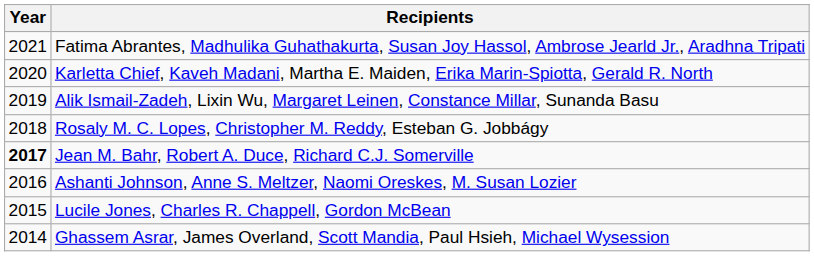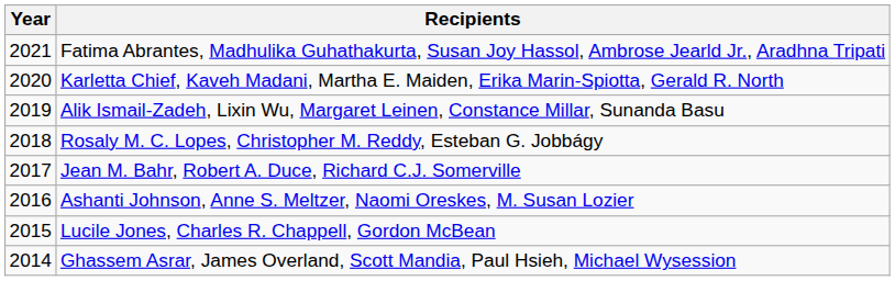 <table class="wikitable">
 <tr>
 <th>Year</th>
 <th>Recipients</th>
 </tr>
 <tr>
 <td>2021</td>
 <td>Fatima Abrantes, <a href='#'>Madhulika Guhathakurta</a>, <a href='#'>Susan Joy Hassol</a>, <a href='#'>Ambrose Jearld Jr.</a>, <a href='#'>Aradhna Tripati</a></td>
 </tr>
 <tr>
 <td>2020</td>
 <td><a href='#'>Karletta Chief</a>, <a href='#'>Kaveh Madani</a>, Martha E. Maiden, <a href='#'>Erika Marin-Spiotta</a>, <a href='#'>Gerald R. North</a></td>
 </tr>
 <tr>
 <td>2019</td>
 <td><a href='#'>Alik Ismail-Zadeh</a>, Lixin Wu, <a href='#'>Margaret Leinen</a>, <a href='#'>Constance Millar</a>, Sunanda Basu</td>
 </tr>
 <tr>
 <td>2018</td>
 <td><a href='#'>Rosaly M. C. Lopes</a>, <a href='#'>Christopher M. Reddy</a>, Esteban G. Jobbágy</td>
 </tr>
 <tr>
-<td><strong>2017</strong></td>
+<td>2017</td>
 <td><a href='#'>Jean M. Bahr</a>, <a href='#'>Robert A. Duce</a>, <a href='#'>Richard C.J. Somerville</a></td>
 </tr>
 <tr>
 <td>2016</td>
 <td><a href='#'>Ashanti Johnson</a>, <a href='#'>Anne S. Meltzer</a>, <a href='#'>Naomi Oreskes</a>, <a href='#'>M. Susan Lozier</a></td>
 </tr>
 <tr>
 <td>2015</td>
 <td><a href='#'>Lucile Jones</a>, <a href='#'>Charles R. Chappell</a>, <a href='#'>Gordon McBean</a></td>
 </tr>
 <tr>
 <td>2014</td>
 <td><a href='#'>Ghassem Asrar</a>, James Overland, <a href='#'>Scott Mandia</a>, Paul Hsieh, <a href='#'>Michael Wysession</a></td>
 </tr>
 </table>
